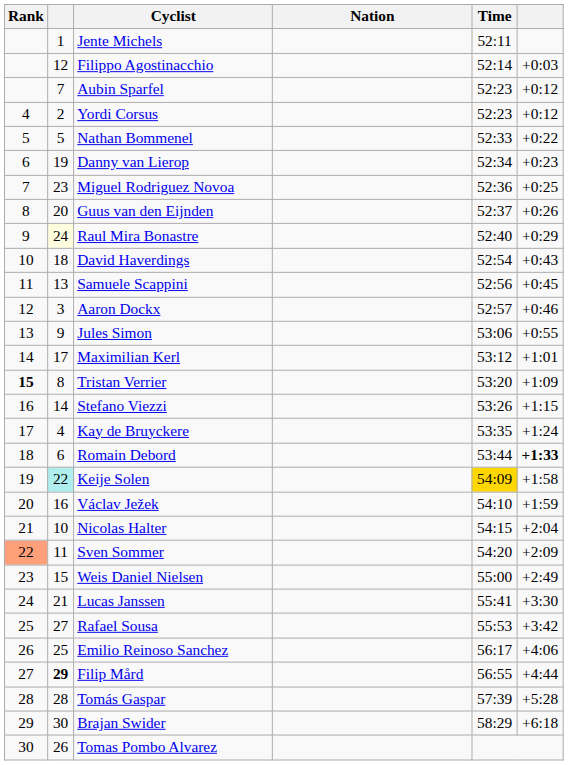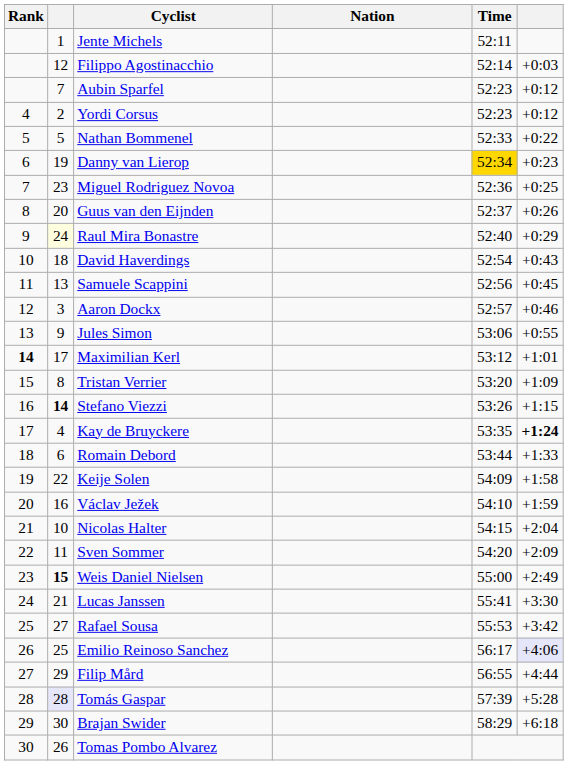 <table class="wikitable sortable" style="text-align:center">
 <tr style="background:#efefef;">
 <th width="30">Rank</th>
 <th width="20"></th>
 <th width="200">Cyclist</th>
 <th width="200">Nation</th>
 <th width="40">Time</th>
 <th width="40"></th>
 </tr>
 <tr>
 <td></td>
 <td>1</td>
 <td align="left"><a href='#'>Jente Michels</a></td>
 <td align="left"></td>
 <td>52:11</td>
 <td></td>
 </tr>
 <tr>
 <td></td>
 <td>12</td>
 <td align="left"><a href='#'>Filippo Agostinacchio</a></td>
 <td align="left"></td>
 <td>52:14</td>
 <td>+0:03</td>
 </tr>
 <tr>
 <td></td>
 <td>7</td>
 <td align="left"><a href='#'>Aubin Sparfel</a></td>
 <td align="left"></td>
 <td>52:23</td>
 <td>+0:12</td>
 </tr>
 <tr>
 <td>4</td>
 <td>2</td>
 <td align="left"><a href='#'>Yordi Corsus</a></td>
 <td align="left"></td>
 <td>52:23</td>
 <td>+0:12</td>
 </tr>
 <tr>
 <td>5</td>
 <td>5</td>
 <td align="left"><a href='#'>Nathan Bommenel</a></td>
 <td align="left"></td>
 <td>52:33</td>
 <td>+0:22</td>
 </tr>
 <tr>
 <td>6</td>
 <td>19</td>
 <td align="left"><a href='#'>Danny van Lierop</a></td>
 <td align="left"></td>
-<td>52:34</td>
+<td style="background: gold;">52:34</td>
 <td>+0:23</td>
 </tr>
 <tr>
 <td>7</td>
 <td>23</td>
 <td align="left"><a href='#'>Miguel Rodriguez Novoa</a></td>
 <td align="left"></td>
 <td>52:36</td>
 <td>+0:25</td>
 </tr>
 <tr>
 <td>8</td>
 <td>20</td>
 <td align="left"><a href='#'>Guus van den Eijnden</a></td>
 <td align="left"></td>
 <td>52:37</td>
 <td>+0:26</td>
 </tr>
 <tr>
 <td>9</td>
 <td style="background: lightyellow;">24</td>
 <td align="left"><a href='#'>Raul Mira Bonastre</a></td>
 <td align="left"></td>
 <td>52:40</td>
 <td>+0:29</td>
 </tr>
 <tr>
 <td>10</td>
 <td>18</td>
 <td align="left"><a href='#'>David Haverdings</a></td>
 <td align="left"></td>
 <td>52:54</td>
 <td>+0:43</td>
 </tr>
 <tr>
 <td>11</td>
 <td>13</td>
 <td align="left"><a href='#'>Samuele Scappini</a></td>
 <td align="left"></td>
 <td>52:56</td>
 <td>+0:45</td>
 </tr>
 <tr>
 <td>12</td>
 <td>3</td>
 <td align="left"><a href='#'>Aaron Dockx</a></td>
 <td align="left"></td>
 <td>52:57</td>
 <td>+0:46</td>
 </tr>
 <tr>
 <td>13</td>
 <td>9</td>
 <td align="left"><a href='#'>Jules Simon</a></td>
 <td align="left"></td>
 <td>53:06</td>
 <td>+0:55</td>
 </tr>
 <tr>
-<td>14</td>
+<td><strong>14</strong></td>
 <td>17</td>
 <td align="left"><a href='#'>Maximilian Kerl</a></td>
 <td align="left"></td>
 <td>53:12</td>
 <td>+1:01</td>
 </tr>
 <tr>
-<td><strong>15</strong></td>
+<td>15</td>
 <td>8</td>
 <td align="left"><a href='#'>Tristan Verrier</a></td>
 <td align="left"></td>
 <td>53:20</td>
 <td>+1:09</td>
 </tr>
 <tr>
 <td>16</td>
-<td>14</td>
+<td><strong>14</strong></td>
 <td align="left"><a href='#'>Stefano Viezzi</a></td>
 <td align="left"></td>
 <td>53:26</td>
 <td>+1:15</td>
 </tr>
 <tr>
 <td>17</td>
 <td>4</td>
 <td align="left"><a href='#'>Kay de Bruyckere</a></td>
 <td align="left"></td>
 <td>53:35</td>
-<td>+1:24</td>
+<td><strong>+1:24</strong></td>
 </tr>
 <tr>
 <td>18</td>
 <td>6</td>
 <td align="left"><a href='#'>Romain Debord</a></td>
 <td align="left"></td>
 <td>53:44</td>
-<td><strong>+1:33</strong></td>
+<td>+1:33</td>
 </tr>
 <tr>
 <td>19</td>
-<td style="background: paleturquoise;">22</td>
+<td>22</td>
 <td align="left"><a href='#'>Keije Solen</a></td>
 <td align="left"></td>
-<td style="background: gold;">54:09</td>
+<td>54:09</td>
 <td>+1:58</td>
 </tr>
 <tr>
 <td>20</td>
 <td>16</td>
 <td align="left"><a href='#'>Václav Ježek</a></td>
 <td align="left"></td>
 <td>54:10</td>
 <td>+1:59</td>
 </tr>
 <tr>
 <td>21</td>
 <td>10</td>
 <td align="left"><a href='#'>Nicolas Halter</a></td>
 <td align="left"></td>
 <td>54:15</td>
 <td>+2:04</td>
 </tr>
 <tr>
-<td style="background: lightsalmon;">22</td>
+<td>22</td>
 <td>11</td>
 <td align="left"><a href='#'>Sven Sommer</a></td>
 <td align="left"></td>
 <td>54:20</td>
 <td>+2:09</td>
 </tr>
 <tr>
 <td>23</td>
-<td>15</td>
+<td><strong>15</strong></td>
 <td align="left"><a href='#'>Weis Daniel Nielsen</a></td>
 <td align="left"></td>
 <td>55:00</td>
 <td>+2:49</td>
 </tr>
 <tr>
 <td>24</td>
 <td>21</td>
 <td align="left"><a href='#'>Lucas Janssen</a></td>
 <td align="left"></td>
 <td>55:41</td>
 <td>+3:30</td>
 </tr>
 <tr>
 <td>25</td>
 <td>27</td>
 <td align="left"><a href='#'>Rafael Sousa</a></td>
 <td align="left"></td>
 <td>55:53</td>
 <td>+3:42</td>
 </tr>
 <tr>
 <td>26</td>
 <td>25</td>
 <td align="left"><a href='#'>Emilio Reinoso Sanchez</a></td>
 <td align="left"></td>
 <td>56:17</td>
-<td>+4:06</td>
+<td style="background: lavender;">+4:06</td>
 </tr>
 <tr>
 <td>27</td>
-<td><strong>29</strong></td>
+<td>29</td>
 <td align="left"><a href='#'>Filip Mård</a></td>
 <td align="left"></td>
 <td>56:55</td>
 <td>+4:44</td>
 </tr>
 <tr>
 <td>28</td>
-<td>28</td>
+<td style="background: lavender;">28</td>
 <td align="left"><a href='#'>Tomás Gaspar</a></td>
 <td align="left"></td>
 <td>57:39</td>
 <td>+5:28</td>
 </tr>
 <tr>
 <td>29</td>
 <td>30</td>
 <td align="left"><a href='#'>Brajan Swider</a></td>
 <td align="left"></td>
 <td>58:29</td>
 <td>+6:18</td>
 </tr>
 <tr>
 <td>30</td>
 <td>26</td>
 <td align="left"><a href='#'>Tomas Pombo Alvarez</a></td>
 <td align="left"></td>
 <td colspan="2"></td>
 </tr>
 </table>
